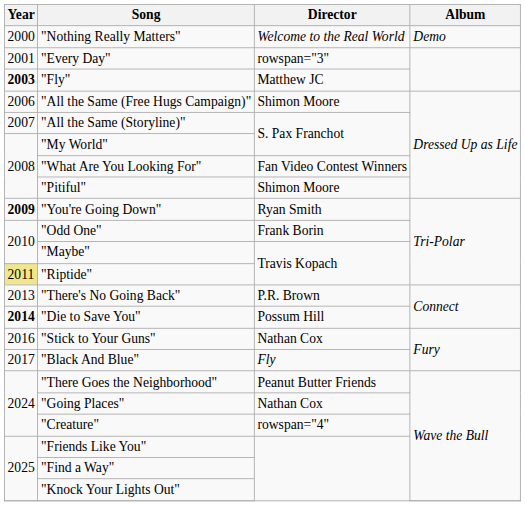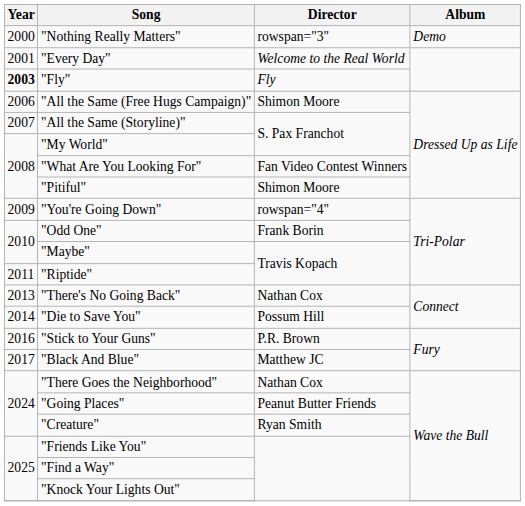 <table class="wikitable">
 <tr>
 <th>Year</th>
 <th>Song</th>
 <th>Director</th>
 <th>Album</th>
 </tr>
 <tr>
 <td>2000</td>
 <td>"Nothing Really Matters"</td>
-<td><em>Welcome to the Real World</em></td>
+<td>rowspan="3" </td>
 <td><em>Demo</em></td>
 </tr>
 <tr>
 <td>2001</td>
 <td>"Every Day"</td>
-<td>rowspan="3" </td>
+<td><em>Welcome to the Real World</em></td>
 </tr>
 <tr>
 <td><strong>2003</strong></td>
 <td>"Fly"</td>
-<td>Matthew JC</td>
+<td><em>Fly</em></td>
 </tr>
 <tr>
 <td>2006</td>
 <td>"All the Same (Free Hugs Campaign)"</td>
 <td>Shimon Moore</td>
 <td rowspan=5><em>Dressed Up as Life</em></td>
 </tr>
 <tr>
 <td>2007</td>
 <td>"All the Same (Storyline)"</td>
 <td rowspan="2">S. Pax Franchot</td>
 </tr>
 <tr>
 <td rowspan="3">2008</td>
 <td>"My World"</td>
 </tr>
 <tr>
 <td>"What Are You Looking For"</td>
 <td>Fan Video Contest Winners</td>
 </tr>
 <tr>
 <td>"Pitiful"</td>
 <td>Shimon Moore</td>
 </tr>
 <tr>
-<td><strong>2009</strong></td>
+<td>2009</td>
 <td>"You're Going Down"</td>
-<td>Ryan Smith</td>
+<td>rowspan="4" </td>
 <td rowspan="4"><em>Tri-Polar</em></td>
 </tr>
 <tr>
 <td rowspan="2">2010</td>
 <td>"Odd One"</td>
 <td>Frank Borin</td>
 </tr>
 <tr>
 <td>"Maybe"</td>
 <td rowspan="2">Travis Kopach</td>
 </tr>
 <tr>
-<td style="background: khaki;">2011</td>
+<td>2011</td>
 <td>"Riptide"</td>
 </tr>
 <tr>
 <td>2013</td>
 <td>"There's No Going Back"</td>
-<td>P.R. Brown</td>
+<td>Nathan Cox</td>
 <td rowspan="2"><em>Connect</em></td>
 </tr>
 <tr>
-<td><strong>2014</strong></td>
+<td>2014</td>
 <td>"Die to Save You"</td>
 <td>Possum Hill</td>
 </tr>
 <tr>
 <td>2016</td>
 <td>"Stick to Your Guns"</td>
-<td>Nathan Cox</td>
+<td>P.R. Brown</td>
 <td rowspan="2"><em>Fury</em></td>
 </tr>
 <tr>
 <td>2017</td>
 <td>"Black And Blue"</td>
-<td><em>Fly</em></td>
+<td>Matthew JC</td>
 </tr>
 <tr>
 <td rowspan="3">2024</td>
 <td>"There Goes the Neighborhood"</td>
-<td>Peanut Butter Friends</td>
+<td>Nathan Cox</td>
 <td rowspan="6"><em>Wave the Bull</em></td>
 </tr>
 <tr>
 <td>"Going Places"</td>
-<td>Nathan Cox</td>
+<td>Peanut Butter Friends</td>
 </tr>
 <tr>
 <td>"Creature"</td>
-<td>rowspan="4" </td>
+<td>Ryan Smith</td>
 </tr>
 <tr>
 <td rowspan="3">2025</td>
 <td>"Friends Like You"</td>
 </tr>
 <tr>
 <td>"Find a Way"</td>
 </tr>
 <tr>
 <td>"Knock Your Lights Out"</td>
 </tr>
 <tr>
 </tr>
 </table>
